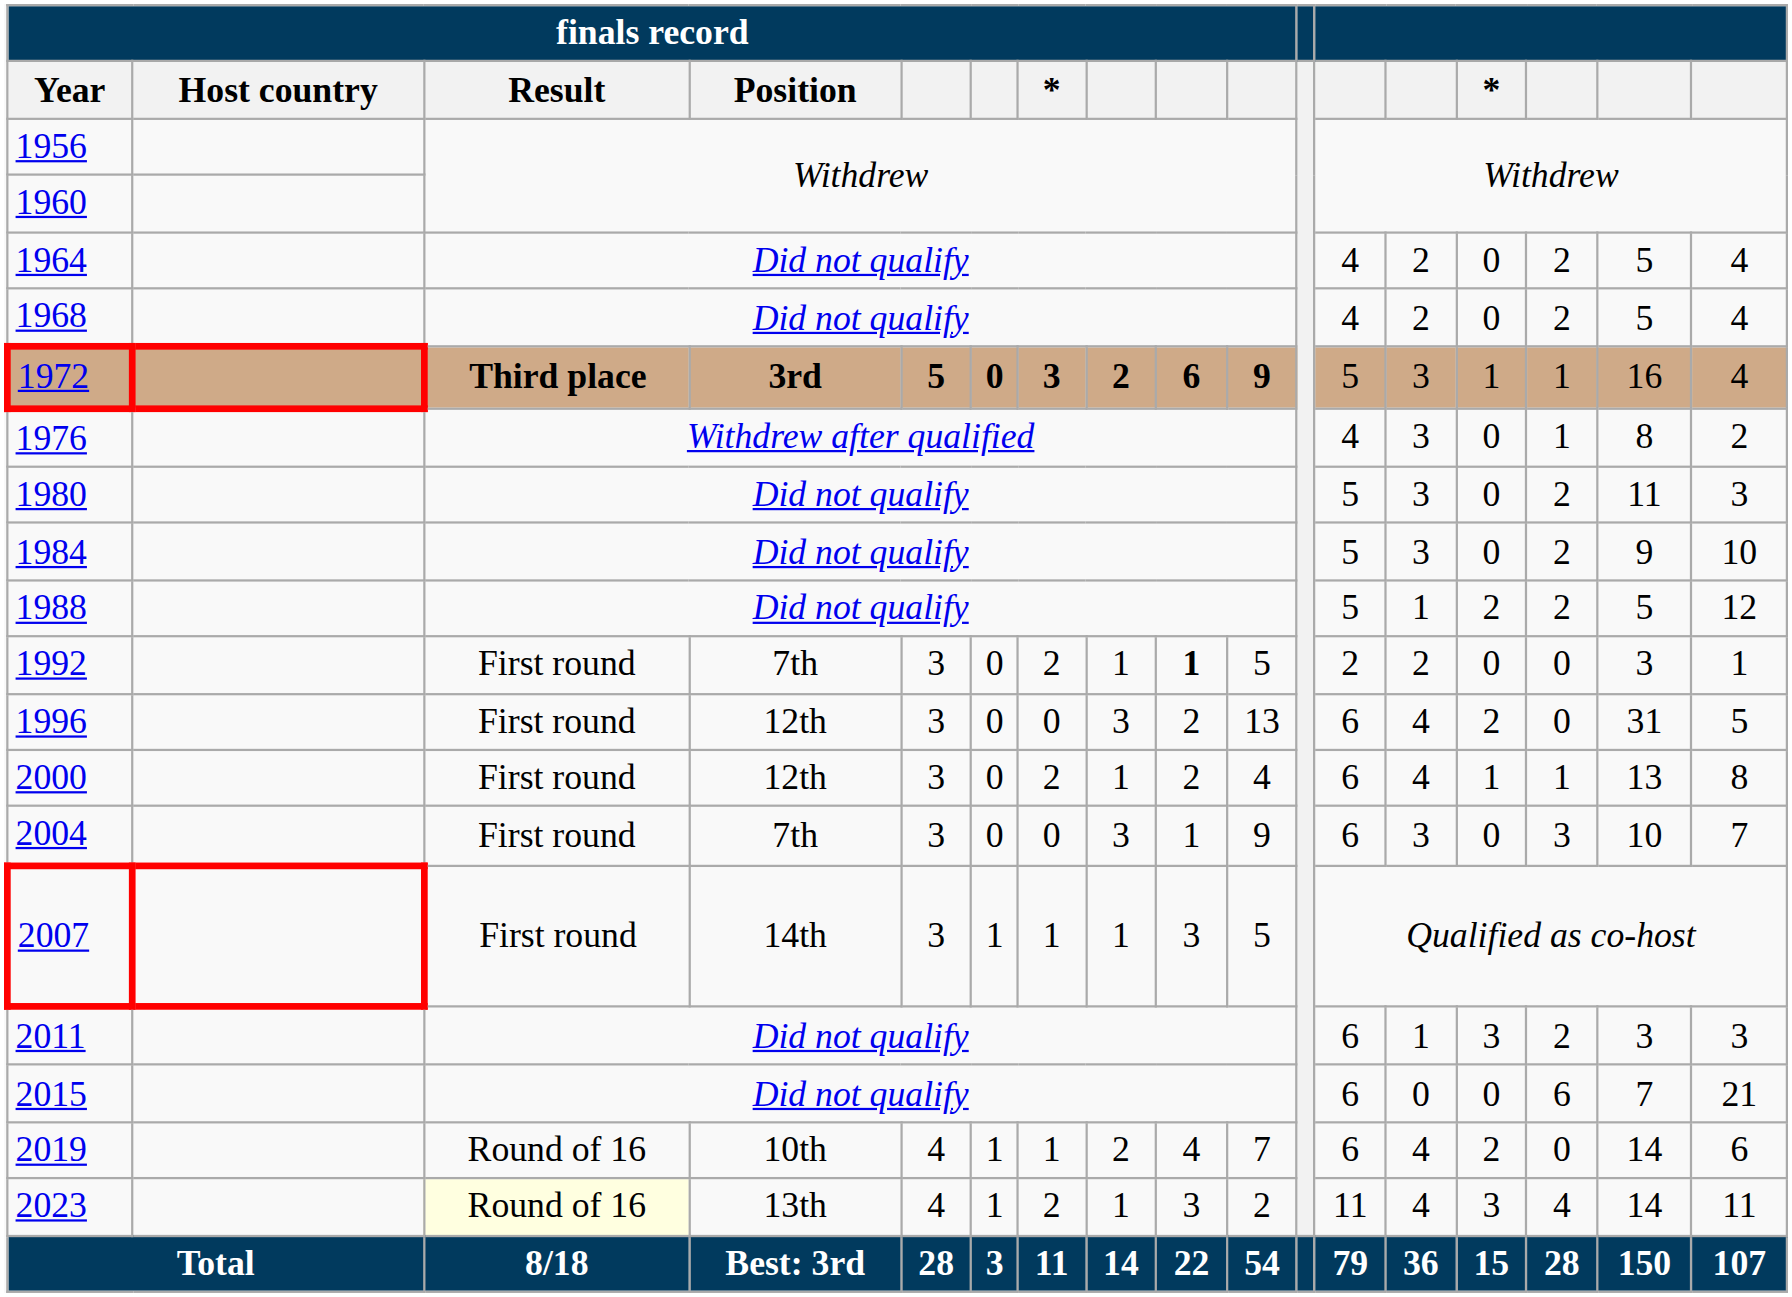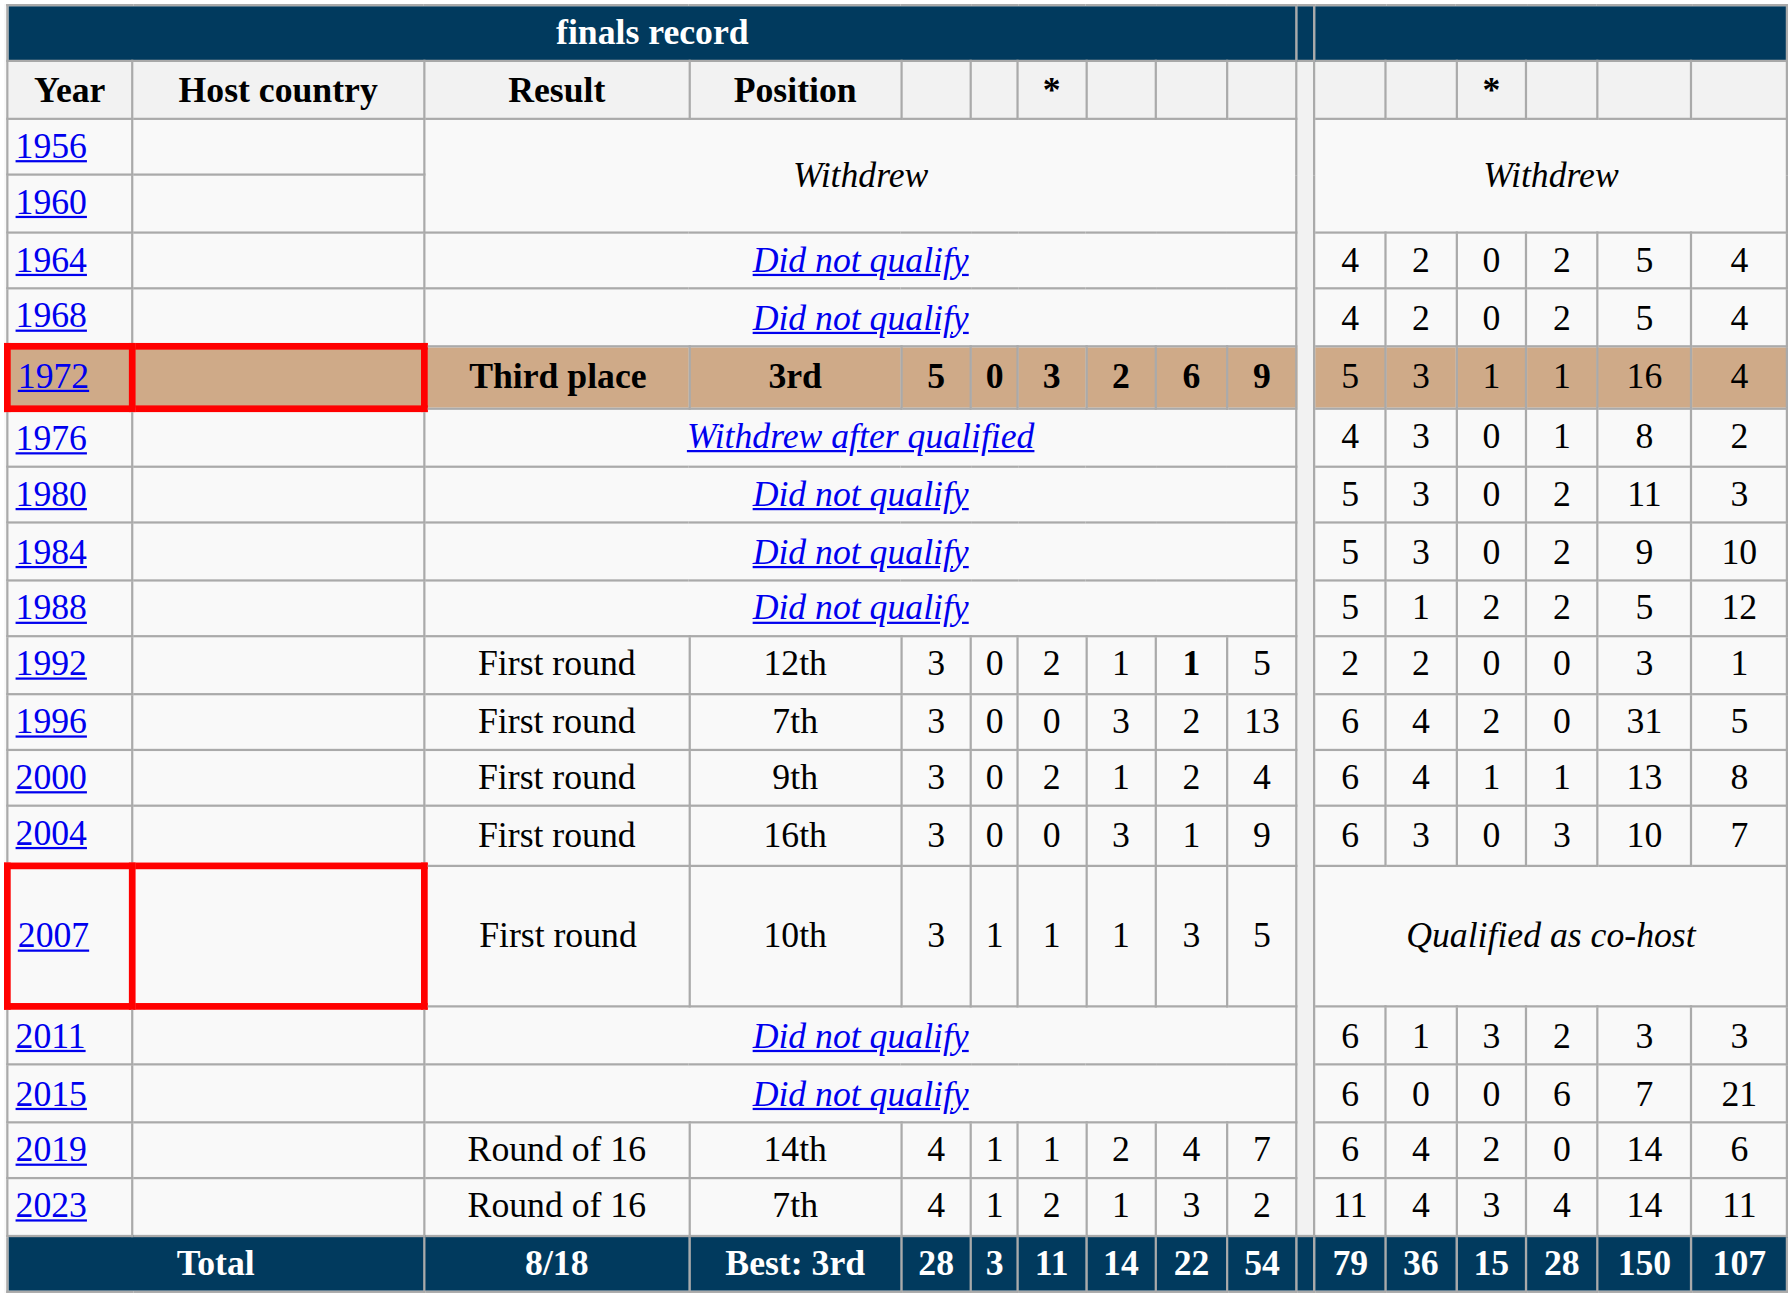 <table class="wikitable" style="text-align: center;font-size:100%; width: 800px;">
 <tr>
 <th colspan=10 style="background: #013A5E; color: #FFFFFF;"><a href='#'></a> finals record</th>
 <th style="background: #013A5E; color: #FFFFFF;"></th>
 <th colspan=6 style="background: #013A5E; color: #FFFFFF;"><a href='#'></a></th>
 </tr>
 <tr>
 <th>Year</th>
 <th>Host country</th>
 <th>Result</th>
 <th>Position</th>
 <th></th>
 <th></th>
 <th>*</th>
 <th></th>
 <th></th>
 <th></th>
 <th style="width:1%;" rowspan="19"></th>
 <th></th>
 <th></th>
 <th>*</th>
 <th></th>
 <th></th>
 <th></th>
 </tr>
 <tr>
 <td style="text-align: left;"><a href='#'>1956</a></td>
 <td style="text-align: left;"></td>
 <td rowspan="2" colspan="8"><em>Withdrew</em></td>
 <td rowspan="2" colspan="6"><em>Withdrew</em></td>
 </tr>
 <tr>
 <td style="text-align: left;"><a href='#'>1960</a></td>
 <td style="text-align: left;"></td>
 </tr>
 <tr>
 <td style="text-align: left;"><a href='#'>1964</a></td>
 <td style="text-align: left;"></td>
 <td rowspan="1" colspan="8"><em><a href='#'>Did not qualify</a></em></td>
 <td>4</td>
 <td>2</td>
 <td>0</td>
 <td>2</td>
 <td>5</td>
 <td>4</td>
 </tr>
 <tr>
 <td style="text-align: left;"><a href='#'>1968</a></td>
 <td style="text-align: left;"></td>
 <td rowspan="1" colspan="8"><em><a href='#'>Did not qualify</a></em></td>
 <td>4</td>
 <td>2</td>
 <td>0</td>
 <td>2</td>
 <td>5</td>
 <td>4</td>
 </tr>
 <tr style="background:#cfaa88;">
 <td style="border: 3px solid red; text-align: left;"><a href='#'>1972</a></td>
 <td style="border: 3px solid red; text-align: left;"></td>
 <td><strong>Third place</strong></td>
 <td><strong>3rd</strong></td>
 <td><strong>5</strong></td>
 <td><strong>0</strong></td>
 <td><strong>3</strong></td>
 <td><strong>2</strong></td>
 <td><strong>6</strong></td>
 <td><strong>9</strong></td>
 <td>5</td>
 <td>3</td>
 <td>1</td>
 <td>1</td>
 <td>16</td>
 <td>4</td>
 </tr>
 <tr>
 <td style="text-align: left;"><a href='#'>1976</a></td>
 <td style="text-align: left;"></td>
 <td rowspan="1" colspan="8"><em><a href='#'>Withdrew after qualified</a></em></td>
 <td>4</td>
 <td>3</td>
 <td>0</td>
 <td>1</td>
 <td>8</td>
 <td>2</td>
 </tr>
 <tr>
 <td style="text-align: left;"><a href='#'>1980</a></td>
 <td style="text-align: left;"></td>
 <td rowspan="1" colspan="8"><em><a href='#'>Did not qualify</a></em></td>
 <td>5</td>
 <td>3</td>
 <td>0</td>
 <td>2</td>
 <td>11</td>
 <td>3</td>
 </tr>
 <tr>
 <td style="text-align: left;"><a href='#'>1984</a></td>
 <td style="text-align: left;"></td>
 <td rowspan="1" colspan="8"><em><a href='#'>Did not qualify</a></em></td>
 <td>5</td>
 <td>3</td>
 <td>0</td>
 <td>2</td>
 <td>9</td>
 <td>10</td>
 </tr>
 <tr>
 <td style="text-align: left;"><a href='#'>1988</a></td>
 <td style="text-align: left;"></td>
 <td rowspan="1" colspan="8"><em><a href='#'>Did not qualify</a></em></td>
 <td>5</td>
 <td>1</td>
 <td>2</td>
 <td>2</td>
 <td>5</td>
 <td>12</td>
 </tr>
 <tr>
 <td style="text-align: left;"><a href='#'>1992</a></td>
 <td style="text-align: left;"></td>
 <td>First round</td>
-<td>7th</td>
+<td>12th</td>
 <td>3</td>
 <td>0</td>
 <td>2</td>
 <td>1</td>
 <td><strong>1</strong></td>
 <td>5</td>
 <td>2</td>
 <td>2</td>
 <td>0</td>
 <td>0</td>
 <td>3</td>
 <td>1</td>
 </tr>
 <tr>
 <td style="text-align: left;"><a href='#'>1996</a></td>
 <td style="text-align: left;"></td>
 <td>First round</td>
-<td>12th</td>
+<td>7th</td>
 <td>3</td>
 <td>0</td>
 <td>0</td>
 <td>3</td>
 <td>2</td>
 <td>13</td>
 <td>6</td>
 <td>4</td>
 <td>2</td>
 <td>0</td>
 <td>31</td>
 <td>5</td>
 </tr>
 <tr>
 <td style="text-align: left;"><a href='#'>2000</a></td>
 <td style="text-align: left;"></td>
 <td>First round</td>
-<td>12th</td>
+<td>9th</td>
 <td>3</td>
 <td>0</td>
 <td>2</td>
 <td>1</td>
 <td>2</td>
 <td>4</td>
 <td>6</td>
 <td>4</td>
 <td>1</td>
 <td>1</td>
 <td>13</td>
 <td>8</td>
 </tr>
 <tr>
 <td style="text-align: left;"><a href='#'>2004</a></td>
 <td style="text-align: left;"></td>
 <td>First round</td>
-<td>7th</td>
+<td>16th</td>
 <td>3</td>
 <td>0</td>
 <td>0</td>
 <td>3</td>
 <td>1</td>
 <td>9</td>
 <td>6</td>
 <td>3</td>
 <td>0</td>
 <td>3</td>
 <td>10</td>
 <td>7</td>
 </tr>
 <tr>
 <td style="text-align: left; border:3px solid red"><a href='#'>2007</a></td>
 <td style="text-align: left; border:3px solid red"><br><br><br></td>
 <td>First round</td>
-<td>14th</td>
+<td>10th</td>
 <td>3</td>
 <td>1</td>
 <td>1</td>
 <td>1</td>
 <td>3</td>
 <td>5</td>
 <td colspan=6><em>Qualified as co-host</em></td>
 </tr>
 <tr>
 <td style="text-align: left;"><a href='#'>2011</a></td>
 <td style="text-align: left;"></td>
 <td rowspan="1" colspan="8"><em><a href='#'>Did not qualify</a></em></td>
 <td>6</td>
 <td>1</td>
 <td>3</td>
 <td>2</td>
 <td>3</td>
 <td>3</td>
 </tr>
 <tr>
 <td style="text-align: left;"><a href='#'>2015</a></td>
 <td style="text-align: left;"></td>
 <td rowspan="1" colspan="8"><em><a href='#'>Did not qualify</a></em></td>
 <td>6</td>
 <td>0</td>
 <td>0</td>
 <td>6</td>
 <td>7</td>
 <td>21</td>
 </tr>
 <tr>
 <td style="text-align: left;"><a href='#'>2019</a></td>
 <td style="text-align: left;"></td>
 <td>Round of 16</td>
-<td>10th</td>
+<td>14th</td>
 <td>4</td>
 <td>1</td>
 <td>1</td>
 <td>2</td>
 <td>4</td>
 <td>7</td>
 <td>6</td>
 <td>4</td>
 <td>2</td>
 <td>0</td>
 <td>14</td>
 <td>6</td>
 </tr>
 <tr>
 <td style="text-align: left;"><a href='#'>2023</a></td>
 <td style="text-align: left;"></td>
-<td style="background: lightyellow;">Round of 16</td>
-<td>13th</td>
+<td>Round of 16</td>
+<td>7th</td>
 <td>4</td>
 <td>1</td>
 <td>2</td>
 <td>1</td>
 <td>3</td>
 <td>2</td>
 <td>11</td>
 <td>4</td>
 <td>3</td>
 <td>4</td>
 <td>14</td>
 <td>11</td>
 </tr>
 <tr>
 <td colspan=2 style="background: #013A5E; color: #FFFFFF;"><strong>Total</strong></td>
 <td style="background: #013A5E; color: #FFFFFF;"><strong>8/18</strong></td>
 <td style="background: #013A5E; color: #FFFFFF;"><strong>Best: 3rd</strong></td>
 <td style="background: #013A5E; color: #FFFFFF;"><strong>28</strong></td>
 <td style="background: #013A5E; color: #FFFFFF;"><strong>3</strong></td>
 <td style="background: #013A5E; color: #FFFFFF;"><strong>11</strong></td>
 <td style="background: #013A5E; color: #FFFFFF;"><strong>14</strong></td>
 <td style="background: #013A5E; color: #FFFFFF;"><strong>22</strong></td>
 <td style="background: #013A5E; color: #FFFFFF;"><strong>54</strong></td>
 <td style="background: #013A5E; color: #FFFFFF;"></td>
 <td style="background: #013A5E; color: #FFFFFF;"><strong>79</strong></td>
 <td style="background: #013A5E; color: #FFFFFF;"><strong>36</strong></td>
 <td style="background: #013A5E; color: #FFFFFF;"><strong>15</strong></td>
 <td style="background: #013A5E; color: #FFFFFF;"><strong>28</strong></td>
 <td style="background: #013A5E; color: #FFFFFF;"><strong>150</strong></td>
 <td style="background: #013A5E; color: #FFFFFF;"><strong>107</strong></td>
 </tr>
 </table>
